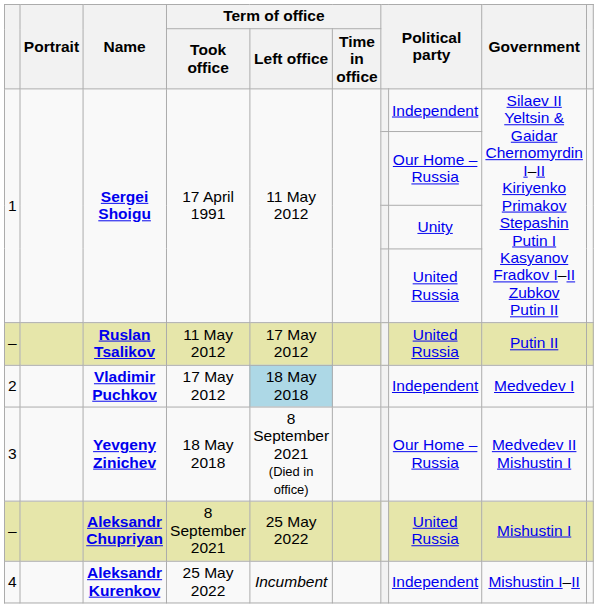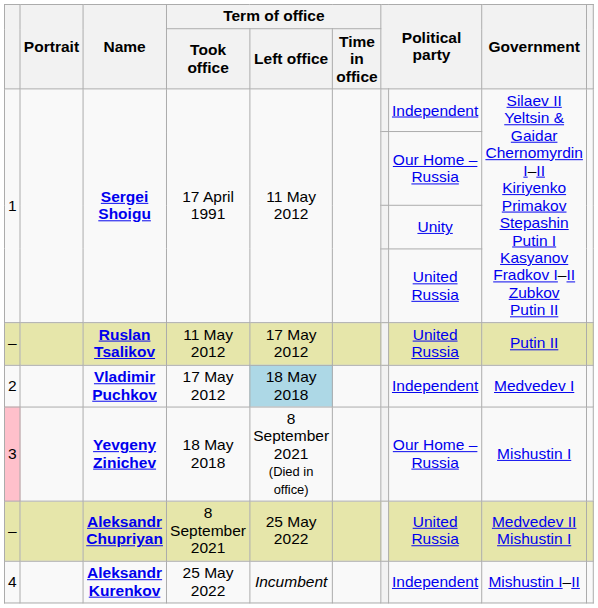 <table class="wikitable" style="text-align:center;">
 <tr>
 <th rowspan=2></th>
 <th rowspan=2>Portrait</th>
 <th rowspan=2>Name<br></th>
 <th colspan=3>Term of office</th>
 <th colspan=2 rowspan=2>Political party</th>
 <th rowspan=2>Government</th>
 <th rowspan=2></th>
 </tr>
 <tr>
 <th>Took office</th>
 <th>Left office</th>
 <th>Time in office</th>
 </tr>
 <tr>
 <td rowspan=4>1</td>
 <td rowspan=4></td>
 <td rowspan=4><strong><a href='#'>Sergei Shoigu</a></strong><br></td>
 <td rowspan=4>17 April 1991</td>
 <td rowspan=4>11 May 2012</td>
 <td rowspan=4></td>
 <th style="background:"></th>
 <td><a href='#'>Independent</a></td>
 <td rowspan=4><a href='#'>Silaev II</a><br><a href='#'>Yeltsin & Gaidar</a><br><a href='#'>Chernomyrdin I</a>–<a href='#'>II</a><br><a href='#'>Kiriyenko</a><br><a href='#'>Primakov</a><br><a href='#'>Stepashin</a><br><a href='#'>Putin I</a><br><a href='#'>Kasyanov</a><br><a href='#'>Fradkov I</a>–<a href='#'>II</a><br><a href='#'>Zubkov</a><br><a href='#'>Putin II</a></td>
 <td rowspan=4></td>
 </tr>
 <tr>
 <th style="background:"></th>
 <td><a href='#'>Our Home – Russia</a></td>
 </tr>
 <tr>
 <th style="background:"></th>
 <td><a href='#'>Unity</a></td>
 </tr>
 <tr>
 <th style="background:"></th>
 <td><a href='#'>United Russia</a></td>
 </tr>
 <tr bgcolor=#E6E6AA>
 <td>–</td>
 <td></td>
 <td><strong><a href='#'>Ruslan Tsalikov</a></strong><br></td>
 <td>11 May 2012</td>
 <td>17 May 2012</td>
 <td></td>
 <th style="background:"></th>
 <td><a href='#'>United Russia</a></td>
 <td><a href='#'>Putin II</a></td>
 <td></td>
 </tr>
 <tr>
 <td>2</td>
 <td></td>
 <td><strong><a href='#'>Vladimir Puchkov</a></strong><br></td>
 <td>17 May 2012</td>
 <td style="background: lightblue;">18 May 2018</td>
 <td></td>
 <th style="background:"></th>
 <td><a href='#'>Independent</a></td>
 <td><a href='#'>Medvedev I</a></td>
 <td></td>
 </tr>
 <tr>
-<td>3</td>
+<td style="background: pink;">3</td>
 <td></td>
 <td><strong><a href='#'>Yevgeny Zinichev</a></strong><br></td>
 <td>18 May 2018</td>
 <td>8 September 2021<br><small>(Died in office)</small></td>
 <td></td>
 <th style="background:"></th>
 <td><a href='#'>Our Home – Russia</a></td>
-<td><a href='#'>Medvedev II</a><br><a href='#'>Mishustin I</a></td>
+<td><a href='#'>Mishustin I</a></td>
 </tr>
 <tr bgcolor=#E6E6AA>
 <td>–</td>
 <td></td>
 <td><strong><a href='#'>Aleksandr Chupriyan</a></strong><br></td>
 <td>8 September 2021</td>
 <td>25 May 2022</td>
 <td></td>
 <th style="background:"></th>
 <td><a href='#'>United Russia</a></td>
-<td><a href='#'>Mishustin I</a></td>
+<td><a href='#'>Medvedev II</a><br><a href='#'>Mishustin I</a></td>
 <td></td>
 </tr>
 <tr>
 <td>4</td>
 <td></td>
 <td><strong><a href='#'>Aleksandr Kurenkov</a></strong><br></td>
 <td>25 May 2022</td>
 <td><em>Incumbent</em></td>
 <td></td>
 <th style="background:"></th>
 <td><a href='#'>Independent</a></td>
 <td><a href='#'>Mishustin I</a>–<a href='#'>II</a></td>
 </tr>
 </table>
